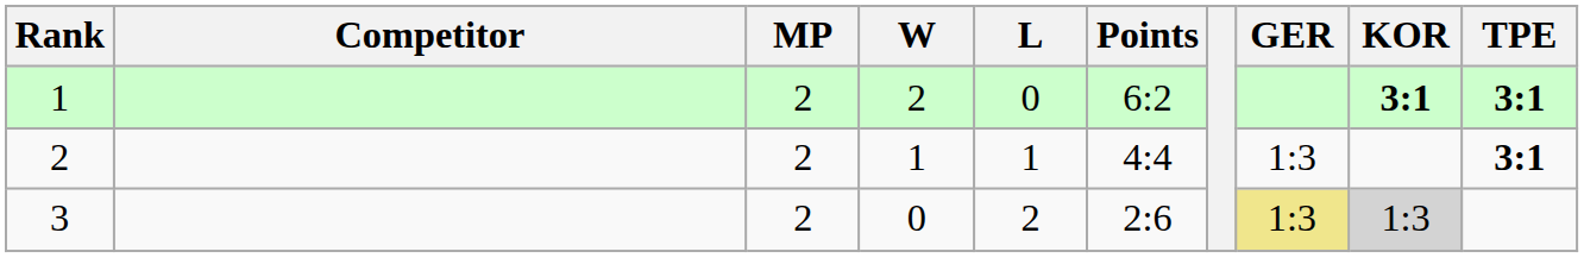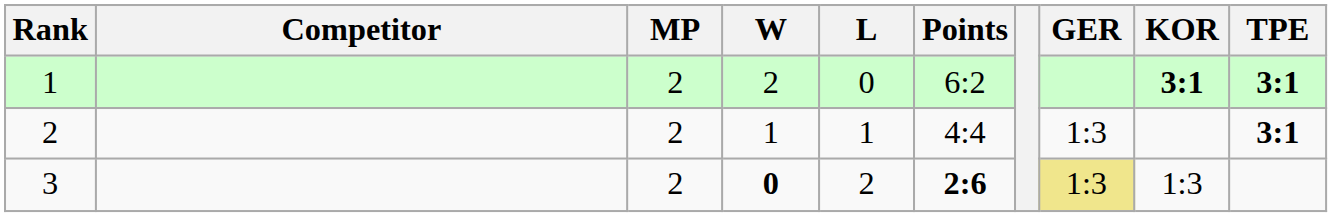 <table class="wikitable" style="text-align:center">
 <tr>
 <th>Rank</th>
 <th style="width:16em">Competitor</th>
 <th style="width:2.5em">MP</th>
 <th style="width:2.5em">W</th>
 <th style="width:2.5em">L</th>
 <th>Points</th>
 <th rowspan="4"> </th>
 <th style="width:2.5em">GER</th>
 <th style="width:2.5em">KOR</th>
 <th style="width:2.5em">TPE</th>
 </tr>
 <tr style="background:#cfc;">
 <td>1</td>
 <td style="text-align:left"></td>
 <td>2</td>
 <td>2</td>
 <td>0</td>
 <td>6:2</td>
 <td></td>
 <td><strong>3:1</strong></td>
 <td><strong>3:1</strong></td>
 </tr>
 <tr>
 <td>2</td>
 <td style="text-align:left"></td>
 <td>2</td>
 <td>1</td>
 <td>1</td>
 <td>4:4</td>
 <td>1:3</td>
 <td></td>
 <td><strong>3:1</strong></td>
 </tr>
 <tr>
 <td>3</td>
 <td style="text-align:left"></td>
 <td>2</td>
-<td>0</td>
+<td><strong>0</strong></td>
 <td>2</td>
-<td>2:6</td>
+<td><strong>2:6</strong></td>
 <td style="background: khaki;">1:3</td>
-<td style="background: lightgrey;">1:3</td>
+<td>1:3</td>
 <td></td>
 </tr>
 </table>
